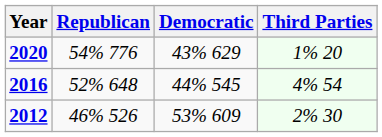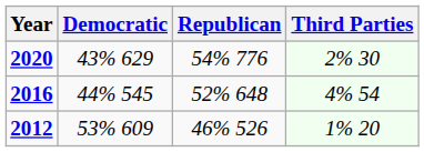 <table class="wikitable" style="float:right; font-size:95%;">
 <tr bgcolor=lightgrey>
 <th>Year</th>
+<th><a href='#'>Democratic</a></th>
 <th><a href='#'>Republican</a></th>
-<th><a href='#'>Democratic</a></th>
 <th><a href='#'>Third Parties</a></th>
 </tr>
 <tr>
 <td style="text-align:center; "><strong><a href='#'>2020</a></strong></td>
+<td style="text-align:center; "><em>43%</em> <em>629</em></td>
 <td style="text-align:center; "><em>54%</em> <em>776</em></td>
-<td style="text-align:center; "><em>43%</em> <em>629</em></td>
-<td style="text-align:center; background:honeyDew;"><em>1%</em> <em>20</em></td>
+<td style="text-align:center; background:honeyDew;"><em>2%</em> <em>30</em></td>
 </tr>
 <tr>
 <td style="text-align:center; "><strong><a href='#'>2016</a></strong></td>
+<td style="text-align:center; "><em>44%</em> <em>545</em></td>
 <td style="text-align:center; "><em>52%</em> <em>648</em></td>
-<td style="text-align:center; "><em>44%</em> <em>545</em></td>
 <td style="text-align:center; background:honeyDew;"><em>4%</em> <em>54</em></td>
 </tr>
 <tr>
 <td style="text-align:center; "><strong><a href='#'>2012</a></strong></td>
+<td style="text-align:center; "><em>53%</em> <em>609</em></td>
 <td style="text-align:center; "><em>46%</em> <em>526</em></td>
-<td style="text-align:center; "><em>53%</em> <em>609</em></td>
-<td style="text-align:center; background:honeyDew;"><em>2%</em> <em>30</em></td>
+<td style="text-align:center; background:honeyDew;"><em>1%</em> <em>20</em></td>
 </tr>
 </table>
